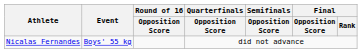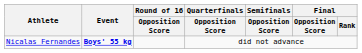 <table class="wikitable" style="font-size:90%">
 <tr>
 <th rowspan=2>Athlete</th>
 <th rowspan=2>Event</th>
 <th colspan=1>Round of 16</th>
 <th colspan=1>Quarterfinals</th>
 <th colspan=1>Semifinals</th>
 <th colspan=2>Final</th>
 </tr>
 <tr style="font-size:95%">
 <th>Opposition<br>Score</th>
 <th>Opposition<br>Score</th>
 <th>Opposition<br>Score</th>
 <th>Opposition<br>Score</th>
 <th>Rank</th>
 </tr>
 <tr align=center>
 <td align=left><a href='#'>Nicalas Fernandes</a></td>
-<td align=left><a href='#'>Boys' 55 kg</a></td>
+<td align=left><strong><a href='#'>Boys' 55 kg</a></strong></td>
 <td><br></td>
 <td colspan=4>did not advance</td>
 </tr>
 </table>
